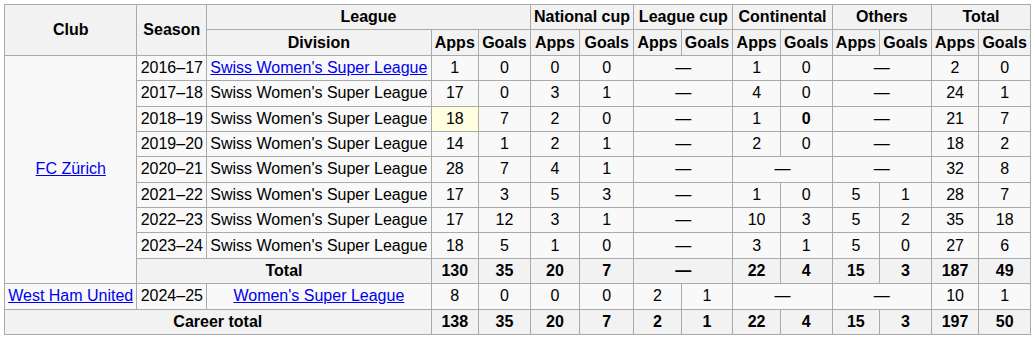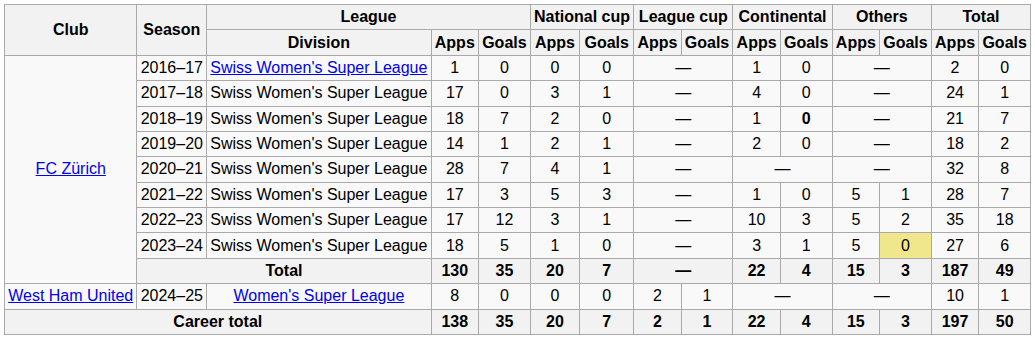 <table class="wikitable" style="text-align:center">
 <tr>
 <th rowspan="2">Club</th>
 <th rowspan="2">Season</th>
 <th colspan="3">League</th>
 <th colspan="2">National cup</th>
 <th colspan="2">League cup</th>
 <th colspan="2">Continental</th>
 <th colspan="2">Others</th>
 <th colspan="2">Total</th>
 </tr>
 <tr>
 <th>Division</th>
 <th>Apps</th>
 <th>Goals</th>
 <th>Apps</th>
 <th>Goals</th>
 <th>Apps</th>
 <th>Goals</th>
 <th>Apps</th>
 <th>Goals</th>
 <th>Apps</th>
 <th>Goals</th>
 <th>Apps</th>
 <th>Goals</th>
 </tr>
 <tr>
 <td rowspan="9"><a href='#'>FC Zürich</a></td>
 <td>2016–17</td>
 <td><a href='#'>Swiss Women's Super League</a></td>
 <td>1</td>
 <td>0</td>
 <td>0</td>
 <td>0</td>
 <td colspan="2">—</td>
 <td>1</td>
 <td>0</td>
 <td colspan="2">—</td>
 <td>2</td>
 <td>0</td>
 </tr>
 <tr>
 <td>2017–18</td>
 <td>Swiss Women's Super League</td>
 <td>17</td>
 <td>0</td>
 <td>3</td>
 <td>1</td>
 <td colspan="2">—</td>
 <td>4</td>
 <td>0</td>
 <td colspan="2">—</td>
 <td>24</td>
 <td>1</td>
 </tr>
 <tr>
 <td>2018–19</td>
 <td>Swiss Women's Super League</td>
-<td style="background: lightyellow;">18</td>
+<td>18</td>
 <td>7</td>
 <td>2</td>
 <td>0</td>
 <td colspan="2">—</td>
 <td>1</td>
 <td><strong>0</strong></td>
 <td colspan="2">—</td>
 <td>21</td>
 <td>7</td>
 </tr>
 <tr>
 <td>2019–20</td>
 <td>Swiss Women's Super League</td>
 <td>14</td>
 <td>1</td>
 <td>2</td>
 <td>1</td>
 <td colspan="2">—</td>
 <td>2</td>
 <td>0</td>
 <td colspan="2">—</td>
 <td>18</td>
 <td>2</td>
 </tr>
 <tr>
 <td>2020–21</td>
 <td>Swiss Women's Super League</td>
 <td>28</td>
 <td>7</td>
 <td>4</td>
 <td>1</td>
 <td colspan="2">—</td>
 <td colspan="2">—</td>
 <td colspan="2">—</td>
 <td>32</td>
 <td>8</td>
 </tr>
 <tr>
 <td>2021–22</td>
 <td>Swiss Women's Super League</td>
 <td>17</td>
 <td>3</td>
 <td>5</td>
 <td>3</td>
 <td colspan="2">—</td>
 <td>1</td>
 <td>0</td>
 <td>5</td>
 <td>1</td>
 <td>28</td>
 <td>7</td>
 </tr>
 <tr>
 <td>2022–23</td>
 <td>Swiss Women's Super League</td>
 <td>17</td>
 <td>12</td>
 <td>3</td>
 <td>1</td>
 <td colspan="2">—</td>
 <td>10</td>
 <td>3</td>
 <td>5</td>
 <td>2</td>
 <td>35</td>
 <td>18</td>
 </tr>
 <tr>
 <td>2023–24</td>
 <td>Swiss Women's Super League</td>
 <td>18</td>
 <td>5</td>
 <td>1</td>
 <td>0</td>
 <td colspan="2">—</td>
 <td>3</td>
 <td>1</td>
 <td>5</td>
-<td>0</td>
+<td style="background: khaki;">0</td>
 <td>27</td>
 <td>6</td>
 </tr>
 <tr>
 <th colspan="2">Total</th>
 <th>130</th>
 <th>35</th>
 <th>20</th>
 <th>7</th>
 <th colspan="2">—</th>
 <th>22</th>
 <th>4</th>
 <th>15</th>
 <th>3</th>
 <th>187</th>
 <th>49</th>
 </tr>
 <tr>
 <td><a href='#'>West Ham United</a></td>
 <td>2024–25</td>
 <td><a href='#'>Women's Super League</a></td>
 <td>8</td>
 <td>0</td>
 <td>0</td>
 <td>0</td>
 <td>2</td>
 <td>1</td>
 <td colspan="2">—</td>
 <td colspan="2">—</td>
 <td>10</td>
 <td>1</td>
 </tr>
 <tr>
 <th colspan="3">Career total</th>
 <th>138</th>
 <th>35</th>
 <th>20</th>
 <th>7</th>
 <th>2</th>
 <th>1</th>
 <th>22</th>
 <th>4</th>
 <th>15</th>
 <th>3</th>
 <th>197</th>
 <th>50</th>
 </tr>
 </table>
